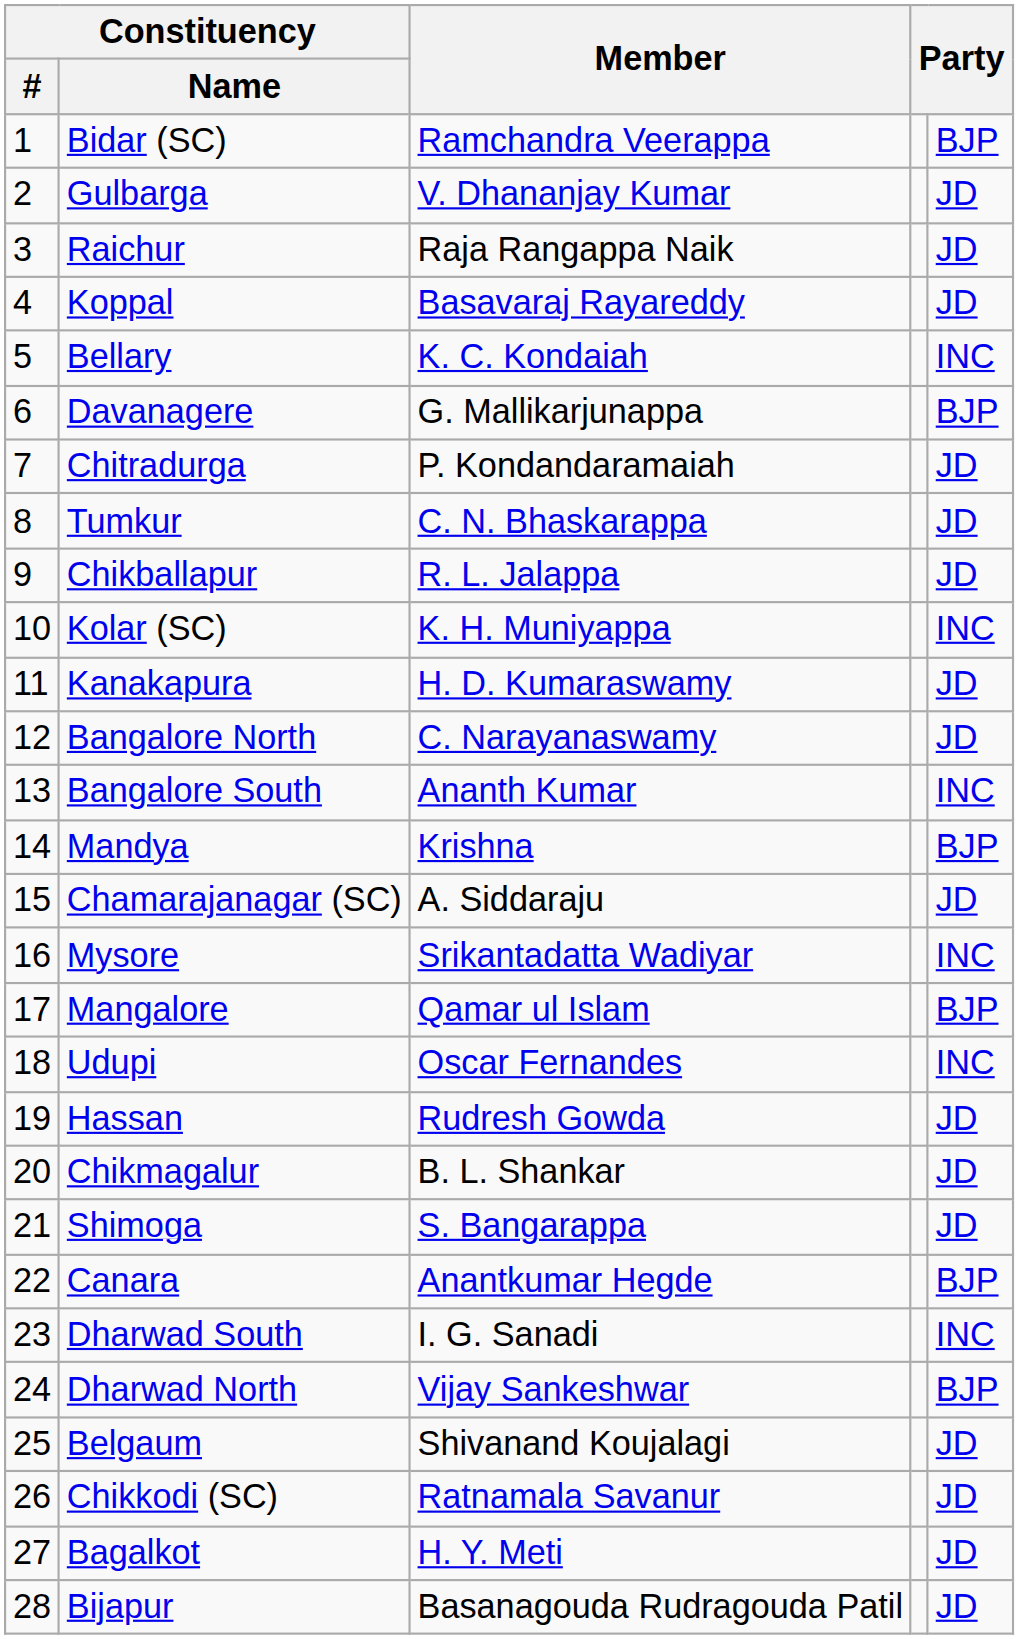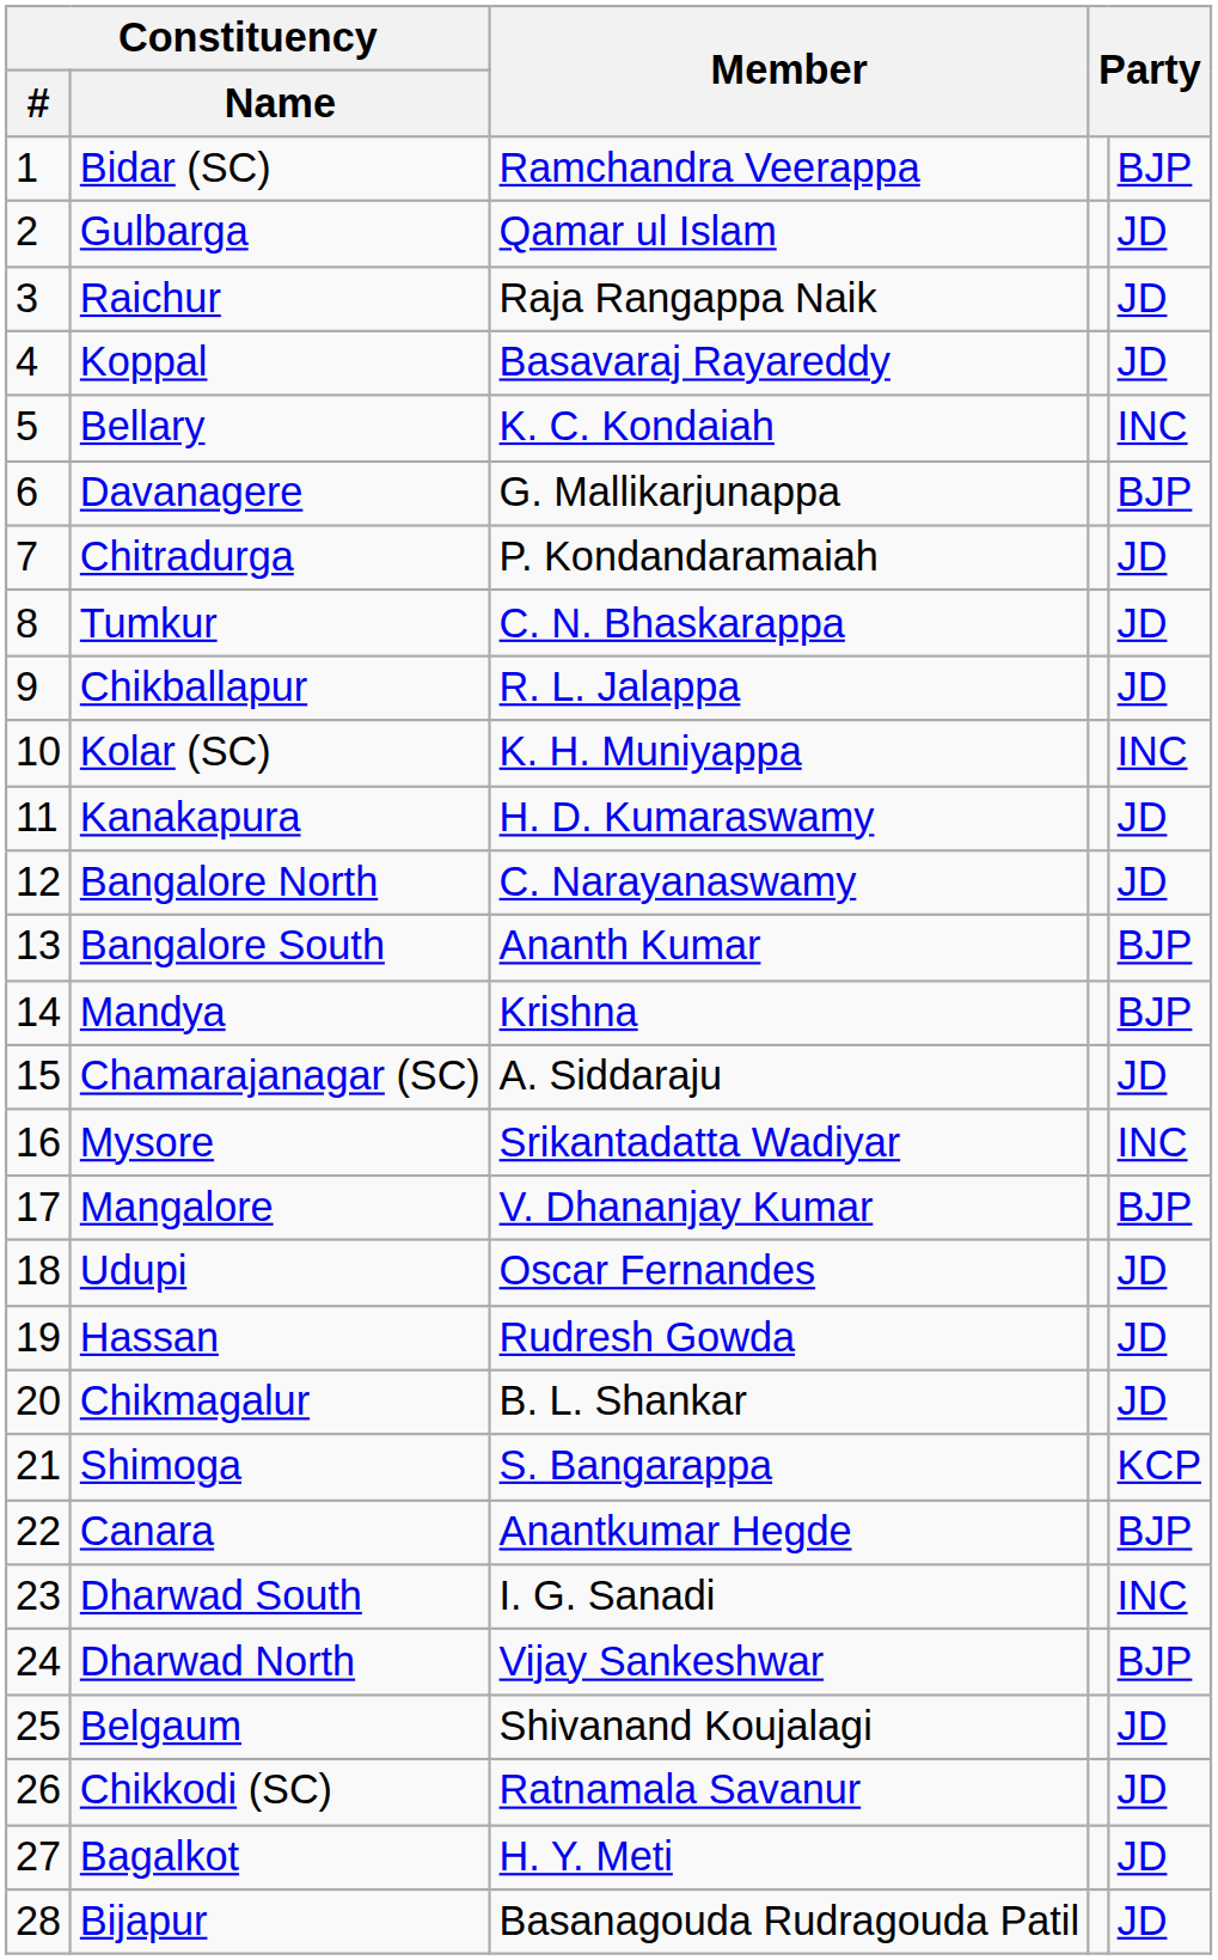 <table class="wikitable sortable">
 <tr>
 <th colspan="2">Constituency</th>
 <th rowspan="2">Member</th>
 <th colspan="2" rowspan="2">Party</th>
 </tr>
 <tr>
 <th>#</th>
 <th>Name</th>
 </tr>
 <tr>
 <td>1</td>
 <td><a href='#'>Bidar</a> (SC)</td>
 <td><a href='#'>Ramchandra Veerappa</a></td>
 <td style="background-color: "></td>
 <td><a href='#'>BJP</a></td>
 </tr>
 <tr>
 <td>2</td>
 <td><a href='#'>Gulbarga</a></td>
-<td><a href='#'>V. Dhananjay Kumar</a></td>
+<td><a href='#'>Qamar ul Islam</a></td>
 <td style="background-color: "></td>
 <td><a href='#'>JD</a></td>
 </tr>
 <tr>
 <td>3</td>
 <td><a href='#'>Raichur</a></td>
 <td>Raja Rangappa Naik</td>
 <td style="background-color: "></td>
 <td><a href='#'>JD</a></td>
 </tr>
 <tr>
 <td>4</td>
 <td><a href='#'>Koppal</a></td>
 <td><a href='#'>Basavaraj Rayareddy</a></td>
 <td style="background-color: "></td>
 <td><a href='#'>JD</a></td>
 </tr>
 <tr>
 <td>5</td>
 <td><a href='#'>Bellary</a></td>
 <td><a href='#'>K. C. Kondaiah</a></td>
 <td style="background-color: "></td>
 <td><a href='#'>INC</a></td>
 </tr>
 <tr>
 <td>6</td>
 <td><a href='#'>Davanagere</a></td>
 <td>G. Mallikarjunappa</td>
 <td style="background-color: "></td>
 <td><a href='#'>BJP</a></td>
 </tr>
 <tr>
 <td>7</td>
 <td><a href='#'>Chitradurga</a></td>
 <td>P. Kondandaramaiah</td>
 <td style="background-color: "></td>
 <td><a href='#'>JD</a></td>
 </tr>
 <tr>
 <td>8</td>
 <td><a href='#'>Tumkur</a></td>
 <td><a href='#'>C. N. Bhaskarappa</a></td>
 <td style="background-color: "></td>
 <td><a href='#'>JD</a></td>
 </tr>
 <tr>
 <td>9</td>
 <td><a href='#'>Chikballapur</a></td>
 <td><a href='#'>R. L. Jalappa</a></td>
 <td style="background-color: "></td>
 <td><a href='#'>JD</a></td>
 </tr>
 <tr>
 <td>10</td>
 <td><a href='#'>Kolar</a> (SC)</td>
 <td><a href='#'>K. H. Muniyappa</a></td>
 <td style="background-color: "></td>
 <td><a href='#'>INC</a></td>
 </tr>
 <tr>
 <td>11</td>
 <td><a href='#'>Kanakapura</a></td>
 <td><a href='#'>H. D. Kumaraswamy</a></td>
 <td style="background-color: "></td>
 <td><a href='#'>JD</a></td>
 </tr>
 <tr>
 <td>12</td>
 <td><a href='#'>Bangalore North</a></td>
 <td><a href='#'>C. Narayanaswamy</a></td>
 <td style="background-color: "></td>
 <td><a href='#'>JD</a></td>
 </tr>
 <tr>
 <td>13</td>
 <td><a href='#'>Bangalore South</a></td>
 <td><a href='#'>Ananth Kumar</a></td>
 <td style="background-color: "></td>
-<td><a href='#'>INC</a></td>
+<td><a href='#'>BJP</a></td>
 </tr>
 <tr>
 <td>14</td>
 <td><a href='#'>Mandya</a></td>
 <td><a href='#'>Krishna</a></td>
 <td style="background-color: "></td>
 <td><a href='#'>BJP</a></td>
 </tr>
 <tr>
 <td>15</td>
 <td><a href='#'>Chamarajanagar</a> (SC)</td>
 <td>A. Siddaraju</td>
 <td style="background-color: "></td>
 <td><a href='#'>JD</a></td>
 </tr>
 <tr>
 <td>16</td>
 <td><a href='#'>Mysore</a></td>
 <td><a href='#'>Srikantadatta Wadiyar</a></td>
 <td style="background-color: "></td>
 <td><a href='#'>INC</a></td>
 </tr>
 <tr>
 <td>17</td>
 <td><a href='#'>Mangalore</a></td>
-<td><a href='#'>Qamar ul Islam</a></td>
+<td><a href='#'>V. Dhananjay Kumar</a></td>
 <td style="background-color: "></td>
 <td><a href='#'>BJP</a></td>
 </tr>
 <tr>
 <td>18</td>
 <td><a href='#'>Udupi</a></td>
 <td><a href='#'>Oscar Fernandes</a></td>
 <td style="background-color: "></td>
-<td><a href='#'>INC</a></td>
+<td><a href='#'>JD</a></td>
 </tr>
 <tr>
 <td>19</td>
 <td><a href='#'>Hassan</a></td>
 <td><a href='#'>Rudresh Gowda</a></td>
 <td style="background-color: "></td>
 <td><a href='#'>JD</a></td>
 </tr>
 <tr>
 <td>20</td>
 <td><a href='#'>Chikmagalur</a></td>
 <td>B. L. Shankar</td>
 <td style="background-color: "></td>
 <td><a href='#'>JD</a></td>
 </tr>
 <tr>
 <td>21</td>
 <td><a href='#'>Shimoga</a></td>
 <td><a href='#'>S. Bangarappa</a></td>
 <td style="background-color: "></td>
-<td><a href='#'>JD</a></td>
+<td><a href='#'>KCP</a></td>
 </tr>
 <tr>
 <td>22</td>
 <td><a href='#'>Canara</a></td>
 <td><a href='#'>Anantkumar Hegde</a></td>
 <td style="background-color: "></td>
 <td><a href='#'>BJP</a></td>
 </tr>
 <tr>
 <td>23</td>
 <td><a href='#'>Dharwad South</a></td>
 <td>I. G. Sanadi</td>
 <td style="background-color: "></td>
 <td><a href='#'>INC</a></td>
 </tr>
 <tr>
 <td>24</td>
 <td><a href='#'>Dharwad North</a></td>
 <td><a href='#'>Vijay Sankeshwar</a></td>
 <td style="background-color: "></td>
 <td><a href='#'>BJP</a></td>
 </tr>
 <tr>
 <td>25</td>
 <td><a href='#'>Belgaum</a></td>
 <td>Shivanand Koujalagi</td>
 <td style="background-color: "></td>
 <td><a href='#'>JD</a></td>
 </tr>
 <tr>
 <td>26</td>
 <td><a href='#'>Chikkodi</a> (SC)</td>
 <td><a href='#'>Ratnamala Savanur</a></td>
 <td style="background-color: "></td>
 <td><a href='#'>JD</a></td>
 </tr>
 <tr>
 <td>27</td>
 <td><a href='#'>Bagalkot</a></td>
 <td><a href='#'>H. Y. Meti</a></td>
 <td style="background-color: "></td>
 <td><a href='#'>JD</a></td>
 </tr>
 <tr>
 <td>28</td>
 <td><a href='#'>Bijapur</a></td>
 <td>Basanagouda Rudragouda Patil</td>
 <td style="background-color: "></td>
 <td><a href='#'>JD</a></td>
 </tr>
 </table>
